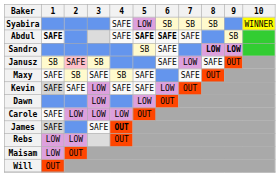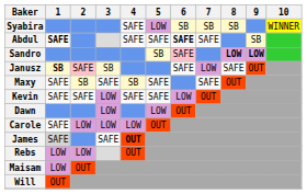 <table class="wikitable" style="text-align:center">
 <tr>
 <th scope="col">Baker</th>
 <th scope="col">1</th>
 <th scope="col">2</th>
 <th scope="col">3</th>
 <th scope="col">4</th>
 <th scope="col">5</th>
 <th scope="col">6</th>
 <th scope="col">7</th>
 <th scope="col">8</th>
 <th scope="col">9</th>
 <th scope="col">10</th>
 </tr>
 <tr>
 <th scope="row">Syabira</th>
 <td style="background:Cornflowerblue"></td>
 <td style="background:Cornflowerblue"></td>
 <td style="background:Cornflowerblue"></td>
 <td>SAFE</td>
 <td style="background:plum;">LOW</td>
 <td style="background:lemonchiffon;">SB</td>
 <td style="background:lemonchiffon;">SB</td>
 <td style="background:lemonchiffon;">SB</td>
 <td style="background:Cornflowerblue;"></td>
 <td style="background:Yellow;">WINNER</td>
 </tr>
 <tr>
 <th scope="row">Abdul</th>
 <td><strong>SAFE</strong></td>
 <td style="background:Cornflowerblue"></td>
 <td style="background:Gainsboro;"></td>
 <td>SAFE</td>
-<td><strong>SAFE</strong></td>
+<td>SAFE</td>
 <td><strong>SAFE</strong></td>
 <td>SAFE</td>
 <td style="background:Cornflowerblue;"></td>
 <td style="background:lemonchiffon;">SB</td>
 <td style="background:limegreen;"></td>
 </tr>
 <tr>
 <th scope="row">Sandro</th>
 <td style="background:Cornflowerblue;"></td>
 <td style="background:Cornflowerblue"></td>
 <td style="background:Cornflowerblue;"></td>
 <td style="background:Cornflowerblue;"></td>
 <td style="background:lemonchiffon;">SB</td>
-<td>SAFE</td>
+<td style="background: pink;">SAFE</td>
 <td style="background:Cornflowerblue"></td>
 <td style="background:plum;"><strong>LOW</strong></td>
 <td style="background:plum;"><strong>LOW</strong></td>
 <td style="background:limegreen;"></td>
 </tr>
 <tr>
 <th scope="row">Janusz</th>
-<td style="background:lemonchiffon;">SB</td>
+<td style="background:lemonchiffon;"><strong>SB</strong></td>
 <td style="background: pink;">SAFE</td>
 <td style="background:lemonchiffon;">SB</td>
 <td style="background:Cornflowerblue;"></td>
 <td style="background:Cornflowerblue;"></td>
 <td>SAFE</td>
 <td style="background:plum;">LOW</td>
 <td>SAFE</td>
 <td style="background:orangered">OUT</td>
 <td colspan="7" style="background:darkgrey"></td>
 </tr>
 <tr>
 <th scope="row">Maxy</th>
 <td>SAFE</td>
 <td style="background:lemonchiffon;">SB</td>
 <td>SAFE</td>
 <td style="background:lemonchiffon;">SB</td>
 <td>SAFE</td>
 <td style="background:Cornflowerblue"></td>
 <td>SAFE</td>
 <td style="background:orangered">OUT</td>
 <td colspan="7" style="background:darkgrey"></td>
 </tr>
 <tr>
 <th scope="row">Kevin</th>
-<td style="background: lightgrey;">SAFE</td>
+<td>SAFE</td>
 <td>SAFE</td>
 <td style="background:plum;">LOW</td>
 <td>SAFE</td>
 <td>SAFE</td>
 <td style="background:plum;">LOW</td>
 <td style="background:orangered">OUT</td>
 <td colspan="7" style="background:darkgrey"></td>
 </tr>
 <tr>
 <th scope="row">Dawn</th>
 <td style="background:cornflowerblue;"></td>
 <td style="background:Cornflowerblue"></td>
 <td style="background:plum;">LOW</td>
 <td style="background:cornflowerblue;"></td>
 <td style="background:plum;">LOW</td>
 <td style="background:orangered">OUT</td>
 <td colspan="7" style="background:darkgrey"></td>
 </tr>
 <tr>
 <th scope="row">Carole</th>
 <td>SAFE</td>
 <td style="background:plum;">LOW</td>
 <td style="background:plum;">LOW</td>
 <td style="background:plum;">LOW</td>
 <td style="background:orangered">OUT</td>
 <td colspan="7" style="background:darkgrey"></td>
 </tr>
 <tr>
 <th scope="row">James</th>
 <td style="background: lightgrey;">SAFE</td>
 <td style="background:Cornflowerblue;"></td>
 <td>SAFE</td>
 <td style="background:orangered"><strong>OUT</strong></td>
 <td colspan="7" style="background:darkgrey"></td>
 </tr>
 <tr>
 <th scope="row">Rebs</th>
 <td style="background:plum;">LOW</td>
 <td style="background:plum;">LOW</td>
 <td style="background:Gainsboro;"></td>
 <td style="background:orangered">OUT</td>
 <td colspan="7" style="background:darkgrey"></td>
 </tr>
 <tr>
 <th scope="row">Maisam</th>
 <td style="background:plum;">LOW</td>
 <td style="background:orangered">OUT</td>
 <td colspan="8" style="background:darkgrey"></td>
 </tr>
 <tr>
 <th scope="row">Will</th>
 <td style="background:orangered">OUT</td>
 <td colspan="9" style="background:darkgrey"></td>
 </tr>
 <tr>
 </tr>
 </table>
